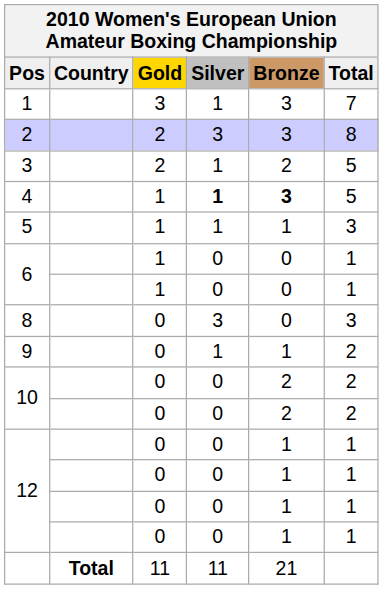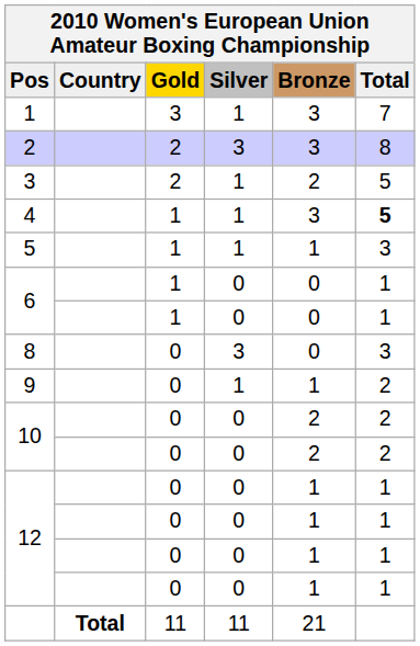 <table class="wikitable">
 <tr>
 <th colspan=7 style="border-right:0px;";><strong>2010 Women's European Union<br>Amateur Boxing Championship</strong></th>
 </tr>
 <tr bgcolor="#efefef">
 <td><strong>Pos</strong></td>
 <td><strong>Country</strong></td>
 <td bgcolor="gold"><strong>Gold</strong></td>
 <td bgcolor="silver"><strong>Silver</strong></td>
 <td bgcolor="CC9966"><strong>Bronze</strong></td>
 <td><strong>Total</strong></td>
 </tr>
 <tr bgcolor="#FFFFFF" align="center">
 <td>1</td>
 <td align="left"></td>
 <td>3</td>
 <td>1</td>
 <td>3</td>
 <td>7</td>
 </tr>
 <tr bgcolor="#CCCCFF" align="center">
 <td>2</td>
 <td align="left"></td>
 <td>2</td>
 <td>3</td>
 <td>3</td>
 <td>8</td>
 </tr>
 <tr bgcolor="#FFFFFF" align="center">
 <td>3</td>
 <td align="left"></td>
 <td>2</td>
 <td>1</td>
 <td>2</td>
 <td>5</td>
 </tr>
 <tr bgcolor="#FFFFFF" align="center">
 <td>4</td>
 <td align="left"></td>
 <td>1</td>
-<td><strong>1</strong></td>
-<td><strong>3</strong></td>
-<td>5</td>
+<td>1</td>
+<td>3</td>
+<td><strong>5</strong></td>
 </tr>
 <tr bgcolor="#FFFFFF" align="center">
 <td>5</td>
 <td align="left"></td>
 <td>1</td>
 <td>1</td>
 <td>1</td>
 <td>3</td>
 </tr>
 <tr bgcolor="#FFFFFF" align="center">
 <td rowspan="2">6</td>
 <td align="left"></td>
 <td>1</td>
 <td>0</td>
 <td>0</td>
 <td>1</td>
 </tr>
 <tr bgcolor="#FFFFFF" align="center">
 <td align="left"></td>
 <td>1</td>
 <td>0</td>
 <td>0</td>
 <td>1</td>
 </tr>
 <tr bgcolor="#FFFFFF" align="center">
 <td>8</td>
 <td align="left"></td>
 <td>0</td>
 <td>3</td>
 <td>0</td>
 <td>3</td>
 </tr>
 <tr bgcolor="#FFFFFF" align="center">
 <td>9</td>
 <td align="left"></td>
 <td>0</td>
 <td>1</td>
 <td>1</td>
 <td>2</td>
 </tr>
 <tr bgcolor="#FFFFFF" align="center">
 <td rowspan="2">10</td>
 <td align="left"></td>
 <td>0</td>
 <td>0</td>
 <td>2</td>
 <td>2</td>
 </tr>
 <tr bgcolor="#FFFFFF" align="center">
 <td align="left"></td>
 <td>0</td>
 <td>0</td>
 <td>2</td>
 <td>2</td>
 </tr>
 <tr bgcolor="#FFFFFF" align="center">
 <td rowspan="4">12</td>
 <td align="left"></td>
 <td>0</td>
 <td>0</td>
 <td>1</td>
 <td>1</td>
 </tr>
 <tr bgcolor="#FFFFFF" align="center">
 <td align="left"></td>
 <td>0</td>
 <td>0</td>
 <td>1</td>
 <td>1</td>
 </tr>
 <tr bgcolor="#FFFFFF" align="center">
 <td align="left"></td>
 <td>0</td>
 <td>0</td>
 <td>1</td>
 <td>1</td>
 </tr>
 <tr bgcolor="#FFFFFF" align="center">
 <td align="left"></td>
 <td>0</td>
 <td>0</td>
 <td>1</td>
 <td>1</td>
 </tr>
 <tr bgcolor="#FFFFFF" align="center">
 <td></td>
 <td align="center"><strong>Total</strong></td>
 <td>11</td>
 <td>11</td>
 <td>21</td>
 <td></td>
 </tr>
 </table>
